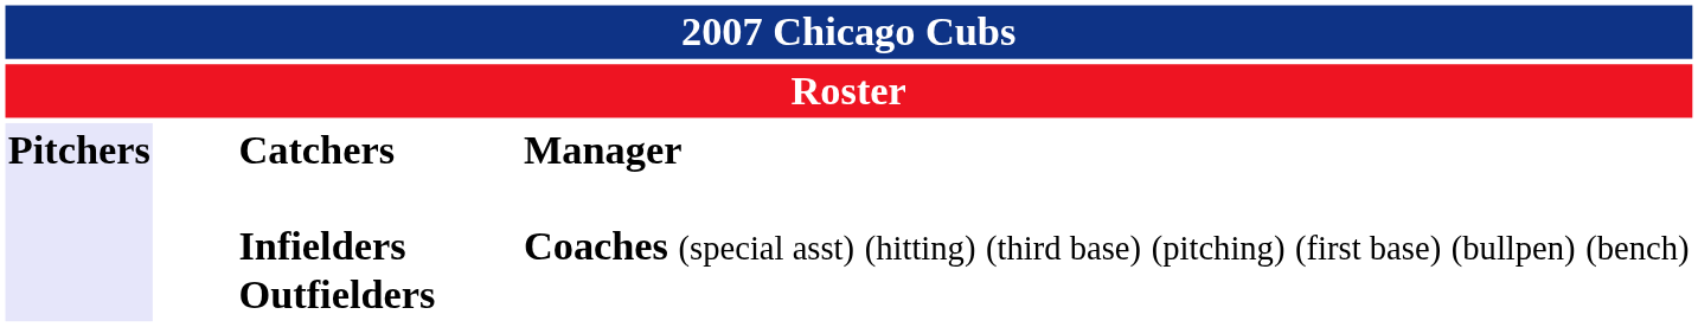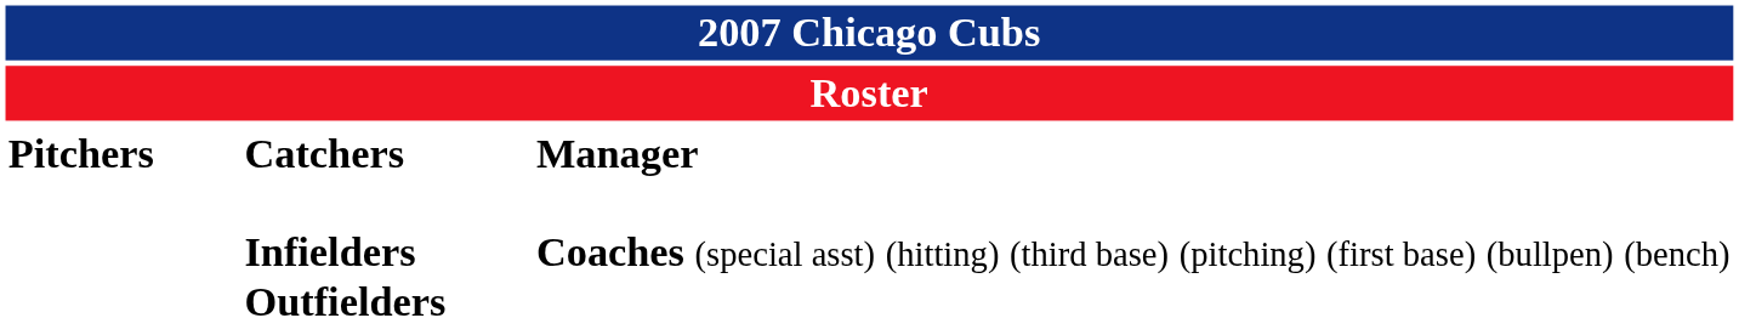 <table class="toccolours" style="font-size: 95%;">
 <tr>
 <th colspan="10" style="background:#0e3386; color:white; text-align:center;">2007 Chicago Cubs</th>
 </tr>
 <tr>
 <td colspan="10" style="background:#ee1422; color:white; text-align:center;"><strong>Roster</strong></td>
 </tr>
 <tr>
-<td valign="top" style="background: lavender;"><strong>Pitchers</strong><br>                     </td>
+<td valign="top"><strong>Pitchers</strong><br>                     </td>
 <td style="width:25px;"></td>
 <td valign="top"><strong>Catchers</strong><br>     <br><strong>Infielders</strong>         <br><strong>Outfielders</strong>          </td>
 <td style="width:25px;"></td>
 <td valign="top"><strong>Manager</strong><br><br><strong>Coaches</strong>  <small>(special asst)</small>  <small>(hitting)</small>  <small>(third base)</small>  <small>(pitching)</small>  <small>(first base)</small>  <small>(bullpen)</small>  <small>(bench)</small></td>
 </tr>
 </table>
